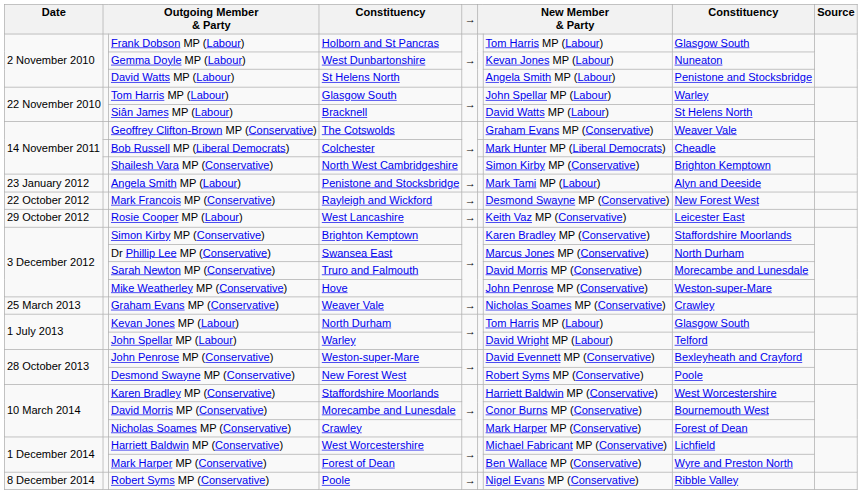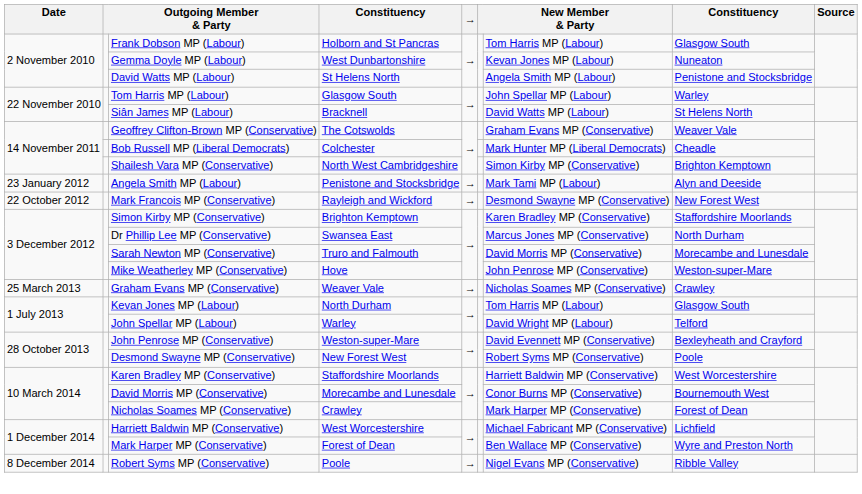 <table class="wikitable">
 <tr>
 <th valign="top">Date</th>
 <th colspan="2" valign="top">Outgoing Member<br>& Party</th>
 <th valign="top">Constituency</th>
 <th>→</th>
 <th colspan="2" valign="top">New Member<br>& Party</th>
 <th valign="top">Constituency</th>
 <th valign="top">Source</th>
 </tr>
 <tr>
 <td rowspan=3>2 November 2010</td>
 <td rowspan=3 style="color:inherit;background:"></td>
 <td><a href='#'>Frank Dobson</a> MP (<a href='#'>Labour</a>)</td>
 <td><a href='#'>Holborn and St Pancras</a></td>
 <td rowspan=3>→</td>
 <td rowspan=3 style="color:inherit;background:"></td>
 <td><a href='#'>Tom Harris</a> MP (<a href='#'>Labour</a>)</td>
 <td><a href='#'>Glasgow South</a></td>
 <td rowspan=3></td>
 </tr>
 <tr>
 <td><a href='#'>Gemma Doyle</a> MP (<a href='#'>Labour</a>)</td>
 <td><a href='#'>West Dunbartonshire</a></td>
 <td><a href='#'>Kevan Jones</a> MP (<a href='#'>Labour</a>)</td>
 <td><a href='#'>Nuneaton</a></td>
 </tr>
 <tr>
 <td><a href='#'>David Watts</a> MP (<a href='#'>Labour</a>)</td>
 <td><a href='#'>St Helens North</a></td>
 <td><a href='#'>Angela Smith</a> MP (<a href='#'>Labour</a>)</td>
 <td><a href='#'>Penistone and Stocksbridge</a></td>
 </tr>
 <tr>
 <td rowspan=2>22 November 2010</td>
 <td rowspan=2 style="color:inherit;background:"></td>
 <td><a href='#'>Tom Harris</a> MP (<a href='#'>Labour</a>)</td>
 <td><a href='#'>Glasgow South</a></td>
 <td rowspan=2>→</td>
 <td rowspan=2 style="color:inherit;background:"></td>
 <td><a href='#'>John Spellar</a> MP (<a href='#'>Labour</a>)</td>
 <td><a href='#'>Warley</a></td>
 <td rowspan=2></td>
 </tr>
 <tr>
 <td><a href='#'>Siân James</a> MP (<a href='#'>Labour</a>)</td>
 <td><a href='#'>Bracknell</a></td>
 <td><a href='#'>David Watts</a> MP (<a href='#'>Labour</a>)</td>
 <td><a href='#'>St Helens North</a></td>
 </tr>
 <tr>
 <td rowspan=3>14 November 2011</td>
 <td style="color:inherit;background:"></td>
 <td><a href='#'>Geoffrey Clifton-Brown</a> MP (<a href='#'>Conservative</a>)</td>
 <td><a href='#'>The Cotswolds</a></td>
 <td rowspan=3>→</td>
 <td style="color:inherit;background:"></td>
 <td><a href='#'>Graham Evans</a> MP (<a href='#'>Conservative</a>)</td>
 <td><a href='#'>Weaver Vale</a></td>
 <td rowspan=3></td>
 </tr>
 <tr>
 <td style="color:inherit;background:"></td>
 <td><a href='#'>Bob Russell</a> MP (<a href='#'>Liberal Democrats</a>)</td>
 <td><a href='#'>Colchester</a></td>
 <td style="color:inherit;background:"></td>
 <td><a href='#'>Mark Hunter</a> MP (<a href='#'>Liberal Democrats</a>)</td>
 <td><a href='#'>Cheadle</a></td>
 </tr>
 <tr>
 <td style="color:inherit;background:"></td>
 <td><a href='#'>Shailesh Vara</a> MP (<a href='#'>Conservative</a>)</td>
 <td><a href='#'>North West Cambridgeshire</a></td>
 <td style="color:inherit;background:"></td>
 <td><a href='#'>Simon Kirby</a> MP (<a href='#'>Conservative</a>)</td>
 <td><a href='#'>Brighton Kemptown</a></td>
 </tr>
 <tr>
 <td>23 January 2012</td>
 <td style="color:inherit;background:"></td>
 <td><a href='#'>Angela Smith</a> MP (<a href='#'>Labour</a>)</td>
 <td><a href='#'>Penistone and Stocksbridge</a></td>
 <td>→</td>
 <td style="color:inherit;background:"></td>
 <td><a href='#'>Mark Tami</a> MP (<a href='#'>Labour</a>)</td>
 <td><a href='#'>Alyn and Deeside</a></td>
 <td></td>
 </tr>
 <tr>
 <td>22 October 2012</td>
 <td style="color:inherit;background:"></td>
 <td><a href='#'>Mark Francois</a> MP (<a href='#'>Conservative</a>)</td>
 <td><a href='#'>Rayleigh and Wickford</a></td>
 <td>→</td>
 <td style="color:inherit;background:"></td>
 <td><a href='#'>Desmond Swayne</a> MP (<a href='#'>Conservative</a>)</td>
 <td><a href='#'>New Forest West</a></td>
-<td></td>
-</tr>
-<tr>
-<td>29 October 2012</td>
-<td style="color:inherit;background:"></td>
-<td><a href='#'>Rosie Cooper</a> MP (<a href='#'>Labour</a>)</td>
-<td><a href='#'>West Lancashire</a></td>
-<td>→</td>
-<td style="color:inherit;background:"></td>
-<td><a href='#'>Keith Vaz</a> MP (<a href='#'>Conservative</a>)</td>
-<td><a href='#'>Leicester East</a></td>
 <td></td>
 </tr>
 <tr>
 <td rowspan=4>3 December 2012</td>
 <td rowspan=4 style="color:inherit;background:"></td>
 <td><a href='#'>Simon Kirby</a> MP (<a href='#'>Conservative</a>)</td>
 <td><a href='#'>Brighton Kemptown</a></td>
 <td rowspan=4>→</td>
 <td rowspan=4 style="color:inherit;background:"></td>
 <td><a href='#'>Karen Bradley</a> MP (<a href='#'>Conservative</a>)</td>
 <td><a href='#'>Staffordshire Moorlands</a></td>
 <td rowspan=4></td>
 </tr>
 <tr>
 <td>Dr <a href='#'>Phillip Lee</a> MP (<a href='#'>Conservative</a>)</td>
 <td><a href='#'>Swansea East</a></td>
 <td><a href='#'>Marcus Jones</a> MP (<a href='#'>Conservative</a>)</td>
 <td><a href='#'>North Durham</a></td>
 </tr>
 <tr>
 <td><a href='#'>Sarah Newton</a> MP (<a href='#'>Conservative</a>)</td>
 <td><a href='#'>Truro and Falmouth</a></td>
 <td><a href='#'>David Morris</a> MP (<a href='#'>Conservative</a>)</td>
 <td><a href='#'>Morecambe and Lunesdale</a></td>
 </tr>
 <tr>
 <td><a href='#'>Mike Weatherley</a> MP (<a href='#'>Conservative</a>)</td>
 <td><a href='#'>Hove</a></td>
 <td><a href='#'>John Penrose</a> MP (<a href='#'>Conservative</a>)</td>
 <td><a href='#'>Weston-super-Mare</a></td>
 </tr>
 <tr>
 <td>25 March 2013</td>
 <td style="color:inherit;background:"></td>
 <td><a href='#'>Graham Evans</a> MP (<a href='#'>Conservative</a>)</td>
 <td><a href='#'>Weaver Vale</a></td>
 <td>→</td>
 <td style="color:inherit;background:"></td>
 <td><a href='#'>Nicholas Soames</a> MP (<a href='#'>Conservative</a>)</td>
 <td><a href='#'>Crawley</a></td>
 <td></td>
 </tr>
 <tr>
 <td rowspan=2>1 July 2013</td>
 <td rowspan=2 style="color:inherit;background:"></td>
 <td><a href='#'>Kevan Jones</a> MP (<a href='#'>Labour</a>)</td>
 <td><a href='#'>North Durham</a></td>
 <td rowspan=2>→</td>
 <td rowspan=2 style="color:inherit;background:"></td>
 <td><a href='#'>Tom Harris</a> MP (<a href='#'>Labour</a>)</td>
 <td><a href='#'>Glasgow South</a></td>
 <td rowspan=2></td>
 </tr>
 <tr>
 <td><a href='#'>John Spellar</a> MP (<a href='#'>Labour</a>)</td>
 <td><a href='#'>Warley</a></td>
 <td><a href='#'>David Wright</a> MP (<a href='#'>Labour</a>)</td>
 <td><a href='#'>Telford</a></td>
 </tr>
 <tr>
 <td rowspan=2>28 October 2013</td>
 <td rowspan=2 style="color:inherit;background:"></td>
 <td><a href='#'>John Penrose</a> MP (<a href='#'>Conservative</a>)</td>
 <td><a href='#'>Weston-super-Mare</a></td>
 <td rowspan=2>→</td>
 <td rowspan=2 style="color:inherit;background:"></td>
 <td><a href='#'>David Evennett</a> MP (<a href='#'>Conservative</a>)</td>
 <td><a href='#'>Bexleyheath and Crayford</a></td>
 <td rowspan=2></td>
 </tr>
 <tr>
 <td><a href='#'>Desmond Swayne</a> MP (<a href='#'>Conservative</a>)</td>
 <td><a href='#'>New Forest West</a></td>
 <td><a href='#'>Robert Syms</a> MP (<a href='#'>Conservative</a>)</td>
 <td><a href='#'>Poole</a></td>
 </tr>
 <tr>
 <td rowspan=3>10 March 2014</td>
 <td rowspan=3 style="color:inherit;background:"></td>
 <td><a href='#'>Karen Bradley</a> MP (<a href='#'>Conservative</a>)</td>
 <td><a href='#'>Staffordshire Moorlands</a></td>
 <td rowspan=3>→</td>
 <td rowspan=3 style="color:inherit;background:"></td>
 <td><a href='#'>Harriett Baldwin</a> MP (<a href='#'>Conservative</a>)</td>
 <td><a href='#'>West Worcestershire</a></td>
 <td rowspan=3></td>
 </tr>
 <tr>
 <td><a href='#'>David Morris</a> MP (<a href='#'>Conservative</a>)</td>
 <td><a href='#'>Morecambe and Lunesdale</a></td>
 <td><a href='#'>Conor Burns</a> MP (<a href='#'>Conservative</a>)</td>
 <td><a href='#'>Bournemouth West</a></td>
 </tr>
 <tr>
 <td><a href='#'>Nicholas Soames</a> MP (<a href='#'>Conservative</a>)</td>
 <td><a href='#'>Crawley</a></td>
 <td><a href='#'>Mark Harper</a> MP (<a href='#'>Conservative</a>)</td>
 <td><a href='#'>Forest of Dean</a></td>
 </tr>
 <tr>
 <td rowspan=2>1 December 2014</td>
 <td rowspan=2 style="color:inherit;background:"></td>
 <td><a href='#'>Harriett Baldwin</a> MP (<a href='#'>Conservative</a>)</td>
 <td><a href='#'>West Worcestershire</a></td>
 <td rowspan=2>→</td>
 <td rowspan=2 style="color:inherit;background:"></td>
 <td><a href='#'>Michael Fabricant</a> MP (<a href='#'>Conservative</a>)</td>
 <td><a href='#'>Lichfield</a></td>
 <td rowspan=2></td>
 </tr>
 <tr>
 <td><a href='#'>Mark Harper</a> MP (<a href='#'>Conservative</a>)</td>
 <td><a href='#'>Forest of Dean</a></td>
 <td><a href='#'>Ben Wallace</a> MP (<a href='#'>Conservative</a>)</td>
 <td><a href='#'>Wyre and Preston North</a></td>
 </tr>
 <tr>
 <td>8 December 2014</td>
 <td style="color:inherit;background:"></td>
 <td><a href='#'>Robert Syms</a> MP (<a href='#'>Conservative</a>)</td>
 <td><a href='#'>Poole</a></td>
 <td>→</td>
 <td style="color:inherit;background:"></td>
 <td><a href='#'>Nigel Evans</a> MP (<a href='#'>Conservative</a>)</td>
 <td><a href='#'>Ribble Valley</a></td>
 <td></td>
 </tr>
 </table>
